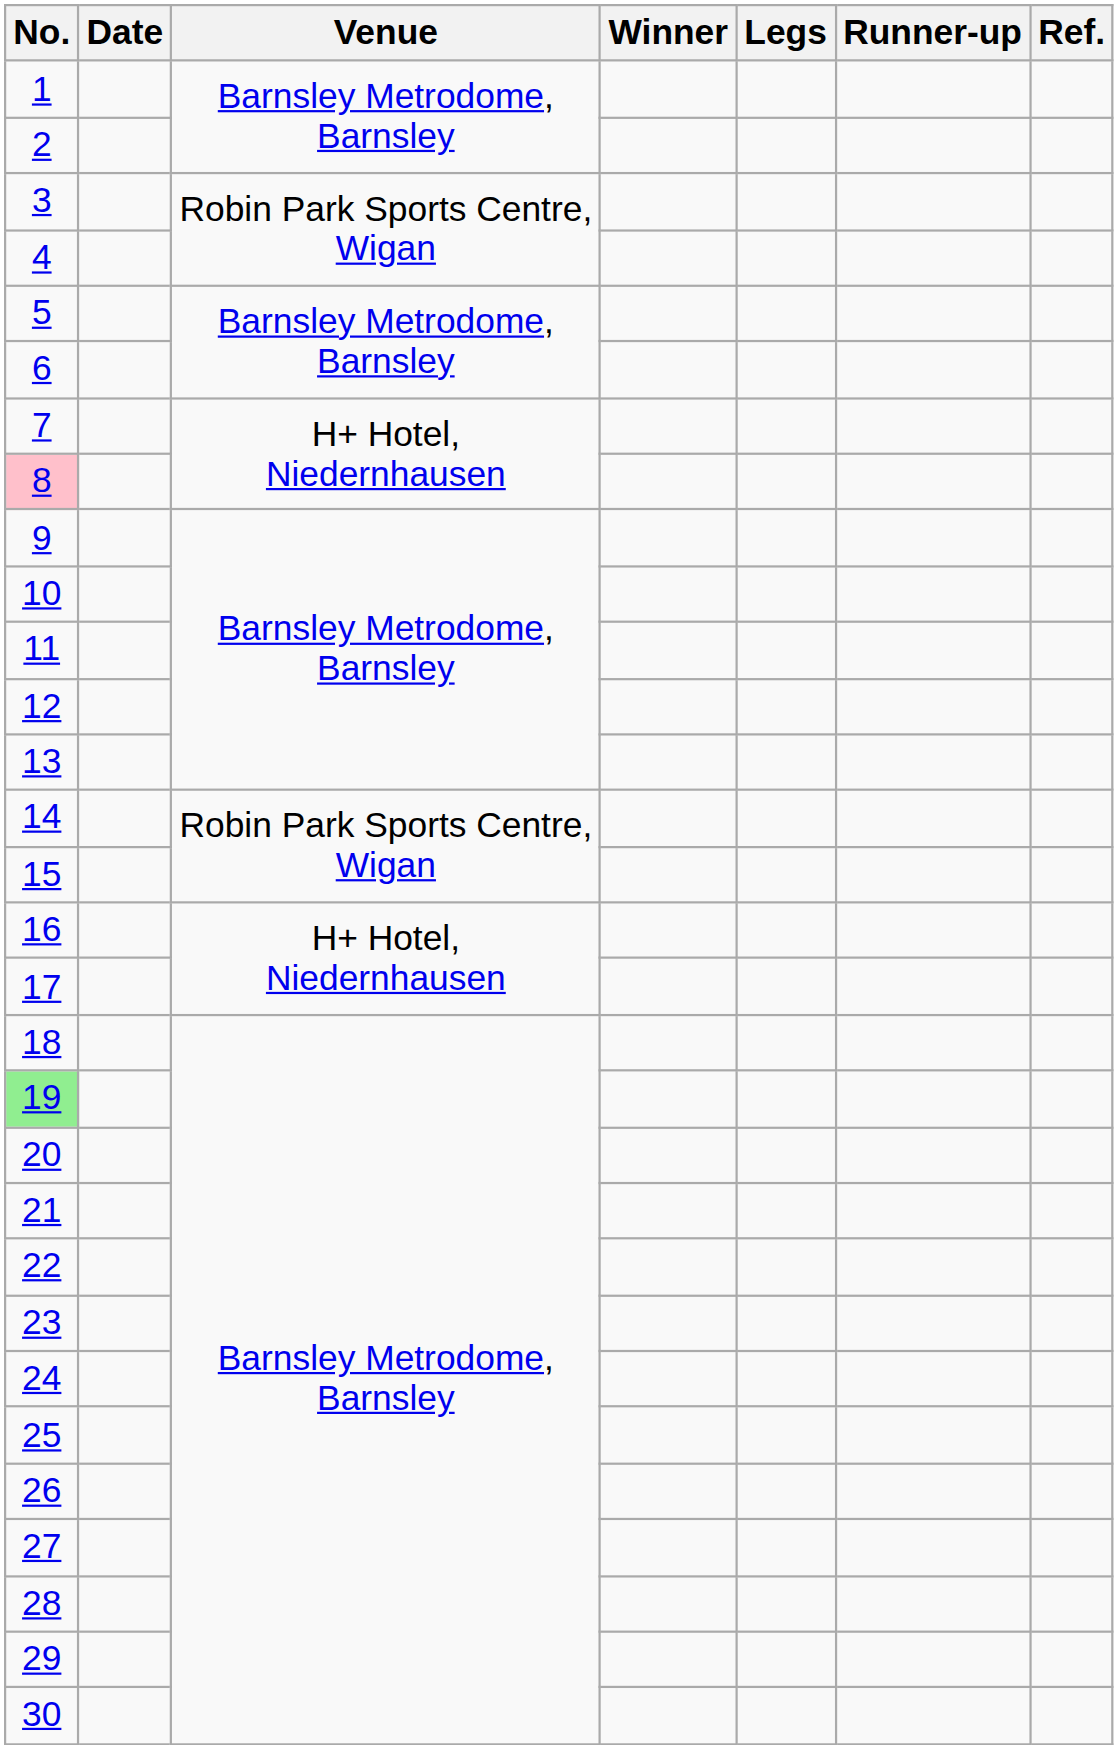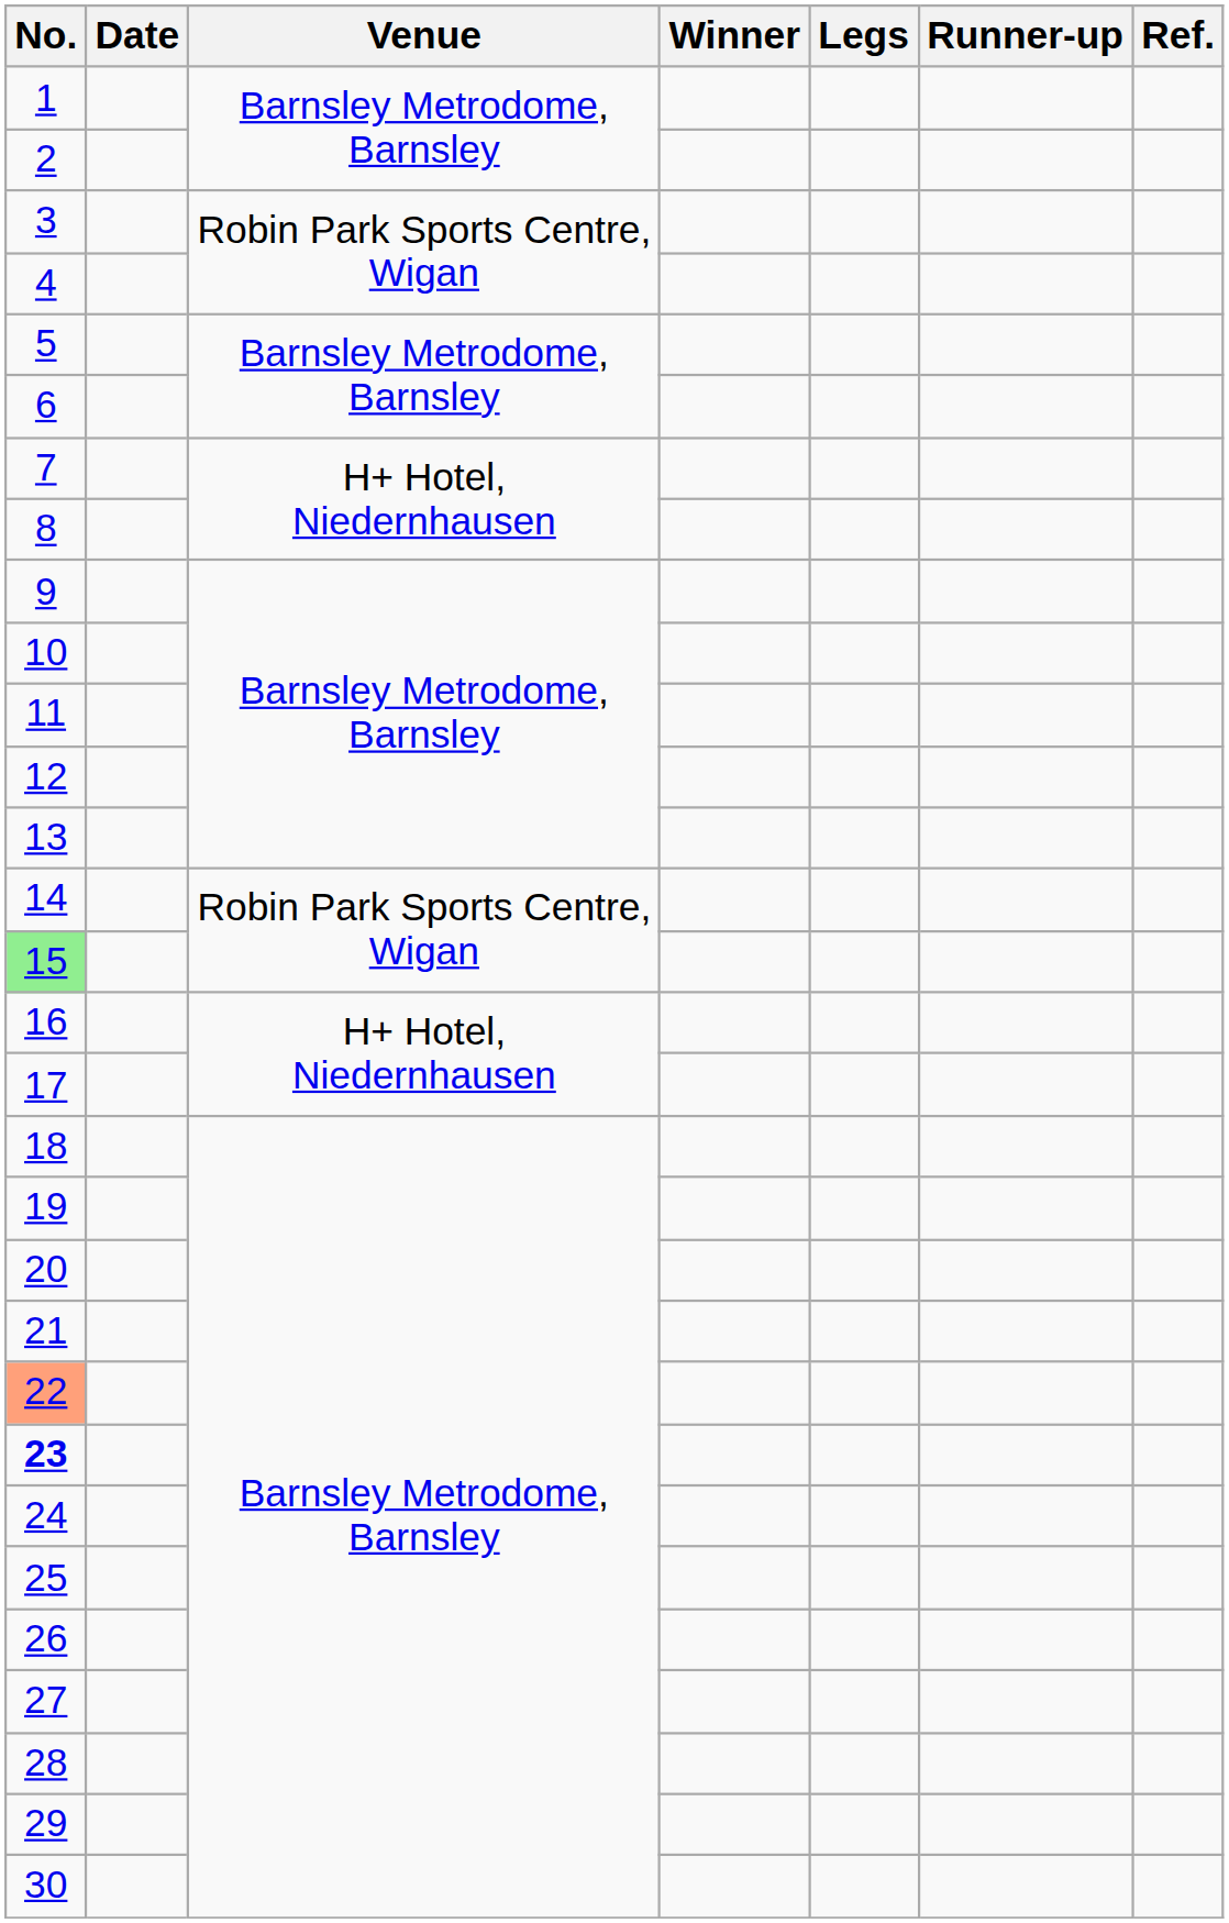 <table class="wikitable">
 <tr>
 <th>No.</th>
 <th>Date</th>
 <th>Venue</th>
 <th>Winner</th>
 <th>Legs</th>
 <th>Runner-up</th>
 <th>Ref.</th>
 </tr>
 <tr>
 <td align=center><a href='#'>1</a></td>
 <td align=left></td>
 <td align="center" rowspan="2"><a href='#'>Barnsley Metrodome</a>,<br>  <a href='#'>Barnsley</a></td>
 <td align="right"></td>
 <td align="center"></td>
 <td></td>
 <td align="center"></td>
 </tr>
 <tr>
 <td align=center><a href='#'>2</a></td>
 <td align=left></td>
 <td align="right"></td>
 <td align="center"></td>
 <td></td>
 <td align="center"></td>
 </tr>
 <tr>
 <td align=center><a href='#'>3</a></td>
 <td align=left></td>
 <td align="center" rowspan="2">Robin Park Sports Centre,<br>  <a href='#'>Wigan</a></td>
 <td align="right"></td>
 <td align="center"></td>
 <td></td>
 <td align="center"></td>
 </tr>
 <tr>
 <td align=center><a href='#'>4</a></td>
 <td align=left></td>
 <td align="right"></td>
 <td align="center"></td>
 <td></td>
 <td align="center"></td>
 </tr>
 <tr>
 <td align=center><a href='#'>5</a></td>
 <td align=left></td>
 <td align="center" rowspan="2"><a href='#'>Barnsley Metrodome</a>,<br>  <a href='#'>Barnsley</a></td>
 <td align="right"></td>
 <td align="center"></td>
 <td></td>
 <td align="center"></td>
 </tr>
 <tr>
 <td align=center><a href='#'>6</a></td>
 <td align=left></td>
 <td align="right"></td>
 <td align="center"></td>
 <td></td>
 <td align="center"></td>
 </tr>
 <tr>
 <td align=center><a href='#'>7</a></td>
 <td align=left></td>
 <td align="center" rowspan="2">H+ Hotel,<br>  <a href='#'>Niedernhausen</a></td>
 <td align="right"></td>
 <td align="center"></td>
 <td></td>
 <td align="center"></td>
 </tr>
 <tr>
-<td align=center style="background: pink;"><a href='#'>8</a></td>
+<td align=center><a href='#'>8</a></td>
 <td align=left></td>
 <td align="right"></td>
 <td align="center"></td>
 <td></td>
 <td align="center"></td>
 </tr>
 <tr>
 <td align=center><a href='#'>9</a></td>
 <td align=left></td>
 <td align="center" rowspan="5"><a href='#'>Barnsley Metrodome</a>,<br>  <a href='#'>Barnsley</a></td>
 <td align="right"></td>
 <td align="center"></td>
 <td></td>
 <td align="center"></td>
 </tr>
 <tr>
 <td align=center><a href='#'>10</a></td>
 <td align=left></td>
 <td align="right"></td>
 <td align="center"></td>
 <td></td>
 <td align="center"></td>
 </tr>
 <tr>
 <td align=center><a href='#'>11</a></td>
 <td align=left></td>
 <td align="right"></td>
 <td align="center"></td>
 <td></td>
 <td align="center"></td>
 </tr>
 <tr>
 <td align=center><a href='#'>12</a></td>
 <td align=left></td>
 <td align="right"></td>
 <td align="center"></td>
 <td></td>
 <td align="center"></td>
 </tr>
 <tr>
 <td align=center><a href='#'>13</a></td>
 <td align=left></td>
 <td align="right"></td>
 <td align="center"></td>
 <td></td>
 <td align="center"></td>
 </tr>
 <tr>
 <td align=center><a href='#'>14</a></td>
 <td align=left></td>
 <td align="center" rowspan="2">Robin Park Sports Centre,<br>  <a href='#'>Wigan</a></td>
 <td align="right"></td>
 <td align="center"></td>
 <td></td>
 <td align="center"></td>
 </tr>
 <tr>
-<td align=center><a href='#'>15</a></td>
+<td align=center style="background: lightgreen;"><a href='#'>15</a></td>
 <td align=left></td>
 <td align="right"></td>
 <td align="center"></td>
 <td></td>
 <td align="center"></td>
 </tr>
 <tr>
 <td align=center><a href='#'>16</a></td>
 <td align=left></td>
 <td align="center" rowspan="2">H+ Hotel,<br>  <a href='#'>Niedernhausen</a></td>
 <td align="right"></td>
 <td align="center"></td>
 <td></td>
 <td align="center"></td>
 </tr>
 <tr>
 <td align=center><a href='#'>17</a></td>
 <td align=left></td>
 <td align="right"></td>
 <td align="center"></td>
 <td></td>
 <td align="center"></td>
 </tr>
 <tr>
 <td align=center><a href='#'>18</a></td>
 <td align=left></td>
 <td align="center" rowspan="13"><a href='#'>Barnsley Metrodome</a>,<br>  <a href='#'>Barnsley</a></td>
 <td align="right"></td>
 <td align="center"></td>
 <td></td>
 <td align="center"></td>
 </tr>
 <tr>
-<td align=center style="background: lightgreen;"><a href='#'>19</a></td>
+<td align=center><a href='#'>19</a></td>
 <td align=left></td>
 <td align="right"></td>
 <td align="center"></td>
 <td></td>
 <td align="center"></td>
 </tr>
 <tr>
 <td align=center><a href='#'>20</a></td>
 <td align=left></td>
 <td align="right"></td>
 <td align="center"></td>
 <td></td>
 <td align="center"></td>
 </tr>
 <tr>
 <td align=center><a href='#'>21</a></td>
 <td align=left></td>
 <td align="right"></td>
 <td align="center"></td>
 <td></td>
 <td align="center"></td>
 </tr>
 <tr>
-<td align=center><a href='#'>22</a></td>
+<td align=center style="background: lightsalmon;"><a href='#'>22</a></td>
 <td align=left></td>
 <td align="right"></td>
 <td align="center"></td>
 <td></td>
 <td align="center"></td>
 </tr>
 <tr>
-<td align=center><a href='#'>23</a></td>
+<td align=center><strong><a href='#'>23</a></strong></td>
 <td align=left></td>
 <td align="right"></td>
 <td align="center"></td>
 <td></td>
 <td align="center"></td>
 </tr>
 <tr>
 <td align=center><a href='#'>24</a></td>
 <td align=left></td>
 <td align="right"></td>
 <td align="center"></td>
 <td></td>
 <td align="center"></td>
 </tr>
 <tr>
 <td align=center><a href='#'>25</a></td>
 <td align=left></td>
 <td align="right"></td>
 <td align="center"></td>
 <td></td>
 <td align="center"></td>
 </tr>
 <tr>
 <td align=center><a href='#'>26</a></td>
 <td align=left></td>
 <td align="right"></td>
 <td align="center"></td>
 <td></td>
 <td align="center"></td>
 </tr>
 <tr>
 <td align=center><a href='#'>27</a></td>
 <td align=left></td>
 <td align="right"></td>
 <td align="center"></td>
 <td></td>
 <td align="center"></td>
 </tr>
 <tr>
 <td align=center><a href='#'>28</a></td>
 <td align=left></td>
 <td align="right"></td>
 <td align="center"></td>
 <td></td>
 <td align="center"></td>
 </tr>
 <tr>
 <td align=center><a href='#'>29</a></td>
 <td align=left></td>
 <td align="right"></td>
 <td align="center"></td>
 <td></td>
 <td align="center"></td>
 </tr>
 <tr>
 <td align=center><a href='#'>30</a></td>
 <td align=left></td>
 <td align="right"></td>
 <td align="center"></td>
 <td></td>
 <td align="center"></td>
 </tr>
 </table>
